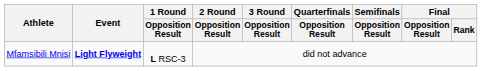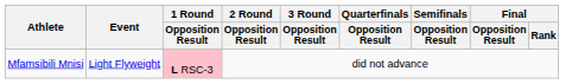 <table class="wikitable" style="font-size:90%">
 <tr>
 <th rowspan="2">Athlete</th>
 <th rowspan="2">Event</th>
 <th>1 Round</th>
 <th>2 Round</th>
 <th>3 Round</th>
 <th>Quarterfinals</th>
 <th>Semifinals</th>
 <th colspan=2>Final</th>
 </tr>
 <tr style="font-size:95%">
 <th>Opposition<br>Result</th>
 <th>Opposition<br>Result</th>
 <th>Opposition<br>Result</th>
 <th>Opposition<br>Result</th>
 <th>Opposition<br>Result</th>
 <th>Opposition<br>Result</th>
 <th>Rank</th>
 </tr>
 <tr align=center>
 <td align=left><a href='#'>Mfamsibili Mnisi</a></td>
-<td align=left><strong><a href='#'>Light Flyweight</a></strong></td>
-<td><br><strong>L</strong>  RSC-3</td>
+<td align=left><a href='#'>Light Flyweight</a></td>
+<td style="background: pink;"><br><strong>L</strong>  RSC-3</td>
 <td colspan=6>did not advance</td>
 </tr>
 </table>
